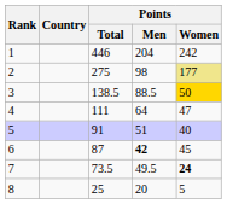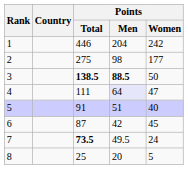 <table class=wikitable>
 <tr>
 <th rowspan=2>Rank</th>
 <th rowspan=2>Country</th>
 <th colspan=3 width=150>Points</th>
 </tr>
 <tr>
 <th width=50>Total</th>
 <th width=50>Men</th>
 <th width=50>Women</th>
 </tr>
 <tr>
 <td>1</td>
 <td align=left></td>
 <td>446</td>
 <td>204</td>
 <td>242</td>
 </tr>
 <tr>
 <td>2</td>
 <td align=left></td>
 <td>275</td>
 <td>98</td>
-<td style="background: khaki;">177</td>
+<td>177</td>
 </tr>
 <tr>
 <td>3</td>
 <td align=left></td>
-<td>138.5</td>
-<td>88.5</td>
-<td style="background: gold;">50</td>
+<td><strong>138.5</strong></td>
+<td><strong>88.5</strong></td>
+<td>50</td>
 </tr>
 <tr>
 <td>4</td>
 <td align=left></td>
 <td>111</td>
-<td>64</td>
+<td style="background: lavender;">64</td>
 <td>47</td>
 </tr>
 <tr style="background-color:#ccccff">
 <td>5</td>
 <td align=left></td>
 <td>91</td>
 <td>51</td>
 <td>40</td>
 </tr>
 <tr>
 <td>6</td>
 <td align=left></td>
 <td>87</td>
-<td><strong>42</strong></td>
+<td>42</td>
 <td>45</td>
 </tr>
 <tr>
 <td>7</td>
 <td align=left></td>
-<td>73.5</td>
+<td><strong>73.5</strong></td>
 <td>49.5</td>
-<td><strong>24</strong></td>
+<td>24</td>
 </tr>
 <tr>
 <td>8</td>
 <td align=left></td>
 <td>25</td>
 <td>20</td>
 <td>5</td>
 </tr>
 </table>
